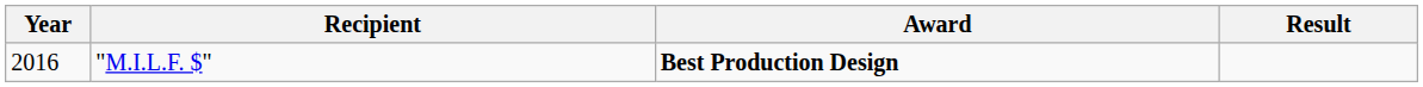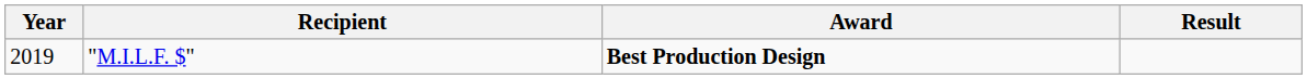 <table style="width: 75%;" class="wikitable">
 <tr>
 <th style="width:6%;">Year</th>
 <th style="width:40%;">Recipient</th>
 <th style="width:40%;">Award</th>
 <th style="width:14%;">Result</th>
 </tr>
 <tr>
-<td>2016</td>
+<td>2019</td>
 <td>"<a href='#'>M.I.L.F. $</a>"</td>
 <td><strong>Best Production Design</strong></td>
 <td></td>
 </tr>
 </table>
